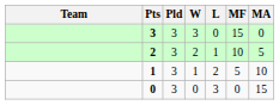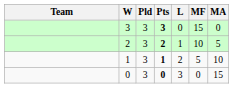 <table class=wikitable style="text-align:center; font-size:95%">
 <tr>
 <th width=175>Team</th>
+<th width=20>W</th>
+<th width=20>Pld</th>
 <th width=20>Pts</th>
-<th width=20>Pld</th>
-<th width=20>W</th>
 <th width=20>L</th>
 <th width=20>MF</th>
 <th width=20>MA</th>
 </tr>
 <tr bgcolor=ccffcc>
 <td style="text-align:left"></td>
-<td><strong>3</strong></td>
 <td>3</td>
 <td>3</td>
+<td><strong>3</strong></td>
 <td>0</td>
 <td>15</td>
 <td>0</td>
 </tr>
 <tr bgcolor=ccffcc>
 <td style="text-align:left"></td>
+<td>2</td>
+<td>3</td>
 <td><strong>2</strong></td>
-<td>3</td>
-<td>2</td>
 <td>1</td>
 <td>10</td>
 <td>5</td>
 </tr>
 <tr>
 <td style="text-align:left"></td>
+<td>1</td>
+<td>3</td>
 <td><strong>1</strong></td>
-<td>3</td>
-<td>1</td>
 <td>2</td>
 <td>5</td>
 <td>10</td>
 </tr>
 <tr>
 <td style="text-align:left"></td>
+<td>0</td>
+<td>3</td>
 <td><strong>0</strong></td>
-<td>3</td>
-<td>0</td>
 <td>3</td>
 <td>0</td>
 <td>15</td>
 </tr>
 </table>
